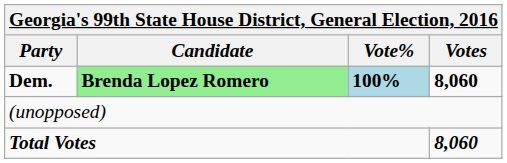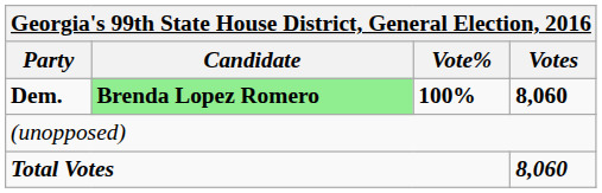 <table class="wikitable">
 <tr>
 <th colspan="4"><u>Georgia's 99th State House District, General Election, 2016</u></th>
 </tr>
 <tr>
 <th><em>Party</em></th>
 <th><em>Candidate</em></th>
 <th><em>Vote%</em></th>
 <th><em>Votes</em></th>
 </tr>
 <tr>
 <td><strong>Dem.</strong></td>
 <td style="background: lightgreen;"><strong>Brenda Lopez Romero</strong></td>
-<td style="background: lightblue;"><strong>100%</strong></td>
+<td><strong>100%</strong></td>
 <td><strong>8,060</strong></td>
 </tr>
 <tr>
 <td colspan="4"><em>(unopposed)</em></td>
 </tr>
 <tr>
 <td colspan="3"><strong><em>Total Votes</em></strong></td>
 <td><strong><em>8,060</em></strong></td>
 </tr>
 </table>
